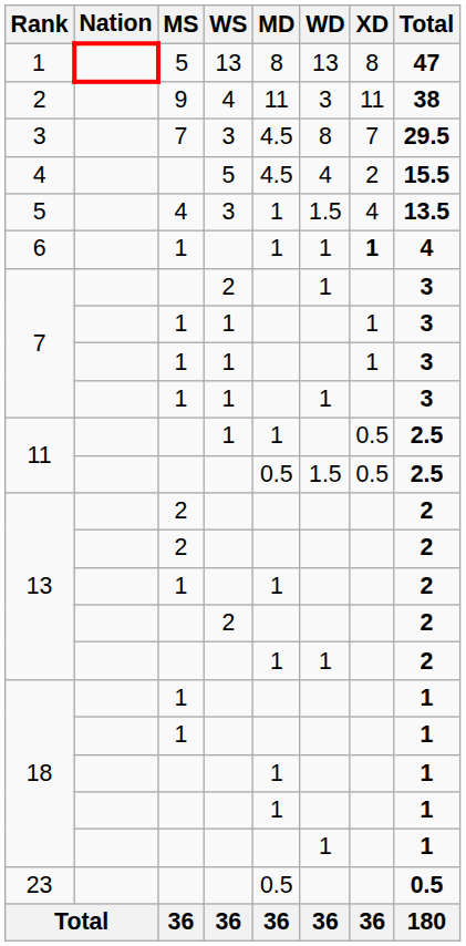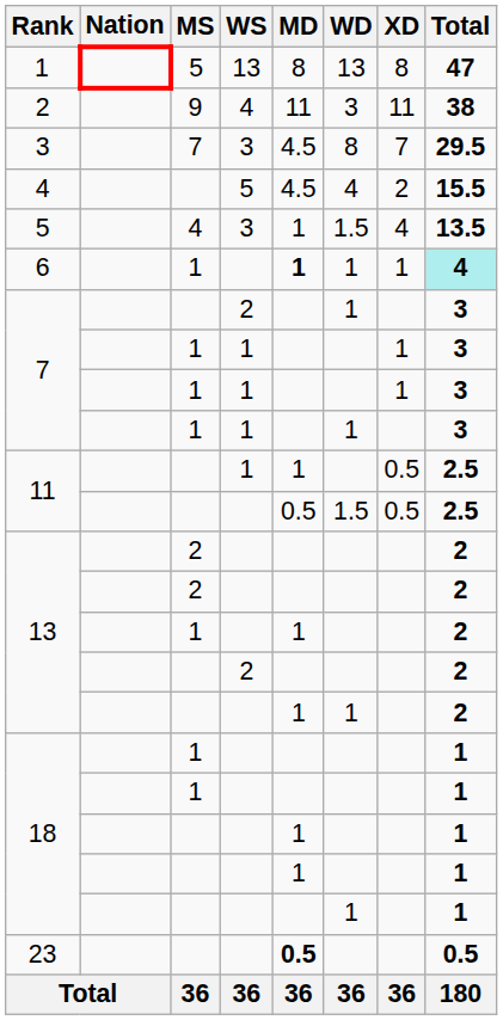 <table class="wikitable" style="text-align:center">
 <tr>
 <th>Rank</th>
 <th>Nation</th>
 <th>MS</th>
 <th>WS</th>
 <th>MD</th>
 <th>WD</th>
 <th>XD</th>
 <th>Total</th>
 </tr>
 <tr>
 <td>1</td>
 <td align="left" style="border: 3px solid red"><strong></strong></td>
 <td>5</td>
 <td>13</td>
 <td>8</td>
 <td>13</td>
 <td>8</td>
 <td><strong>47</strong></td>
 </tr>
 <tr>
 <td>2</td>
 <td align="left"></td>
 <td>9</td>
 <td>4</td>
 <td>11</td>
 <td>3</td>
 <td>11</td>
 <td><strong>38</strong></td>
 </tr>
 <tr>
 <td>3</td>
 <td align="left"></td>
 <td>7</td>
 <td>3</td>
 <td>4.5</td>
 <td>8</td>
 <td>7</td>
 <td><strong>29.5</strong></td>
 </tr>
 <tr>
 <td>4</td>
 <td align="left"></td>
 <td></td>
 <td>5</td>
 <td>4.5</td>
 <td>4</td>
 <td>2</td>
 <td><strong>15.5</strong></td>
 </tr>
 <tr>
 <td>5</td>
 <td align="left"></td>
 <td>4</td>
 <td>3</td>
 <td>1</td>
 <td>1.5</td>
 <td>4</td>
 <td><strong>13.5</strong></td>
 </tr>
 <tr>
 <td>6</td>
 <td align="left"></td>
 <td>1</td>
 <td></td>
+<td><strong>1</strong></td>
 <td>1</td>
 <td>1</td>
-<td><strong>1</strong></td>
-<td><strong>4</strong></td>
+<td style="background: paleturquoise;"><strong>4</strong></td>
 </tr>
 <tr>
 <td rowspan="4">7</td>
 <td align="left"></td>
 <td></td>
 <td>2</td>
 <td></td>
 <td>1</td>
 <td></td>
 <td><strong>3</strong></td>
 </tr>
 <tr>
 <td align="left"></td>
 <td>1</td>
 <td>1</td>
 <td></td>
 <td></td>
 <td>1</td>
 <td><strong>3</strong></td>
 </tr>
 <tr>
 <td align="left"></td>
 <td>1</td>
 <td>1</td>
 <td></td>
 <td></td>
 <td>1</td>
 <td><strong>3</strong></td>
 </tr>
 <tr>
 <td align="left"></td>
 <td>1</td>
 <td>1</td>
 <td></td>
 <td>1</td>
 <td></td>
 <td><strong>3</strong></td>
 </tr>
 <tr>
 <td rowspan="2">11</td>
 <td align="left"></td>
 <td></td>
 <td>1</td>
 <td>1</td>
 <td></td>
 <td>0.5</td>
 <td><strong>2.5</strong></td>
 </tr>
 <tr>
 <td align="left"></td>
 <td></td>
 <td></td>
 <td>0.5</td>
 <td>1.5</td>
 <td>0.5</td>
 <td><strong>2.5</strong></td>
 </tr>
 <tr>
 <td rowspan="5">13</td>
 <td align="left"></td>
 <td>2</td>
 <td></td>
 <td></td>
 <td></td>
 <td></td>
 <td><strong>2</strong></td>
 </tr>
 <tr>
 <td align="left"></td>
 <td>2</td>
 <td></td>
 <td></td>
 <td></td>
 <td></td>
 <td><strong>2</strong></td>
 </tr>
 <tr>
 <td align="left"></td>
 <td>1</td>
 <td></td>
 <td>1</td>
 <td></td>
 <td></td>
 <td><strong>2</strong></td>
 </tr>
 <tr>
 <td align="left"></td>
 <td></td>
 <td>2</td>
 <td></td>
 <td></td>
 <td></td>
 <td><strong>2</strong></td>
 </tr>
 <tr>
 <td align="left"></td>
 <td></td>
 <td></td>
 <td>1</td>
 <td>1</td>
 <td></td>
 <td><strong>2</strong></td>
 </tr>
 <tr>
 <td rowspan="5">18</td>
 <td align="left"></td>
 <td>1</td>
 <td></td>
 <td></td>
 <td></td>
 <td></td>
 <td><strong>1</strong></td>
 </tr>
 <tr>
 <td align="left"></td>
 <td>1</td>
 <td></td>
 <td></td>
 <td></td>
 <td></td>
 <td><strong>1</strong></td>
 </tr>
 <tr>
 <td align="left"></td>
 <td></td>
 <td></td>
 <td>1</td>
 <td></td>
 <td></td>
 <td><strong>1</strong></td>
 </tr>
 <tr>
 <td align="left"></td>
 <td></td>
 <td></td>
 <td>1</td>
 <td></td>
 <td></td>
 <td><strong>1</strong></td>
 </tr>
 <tr>
 <td align="left"></td>
 <td></td>
 <td></td>
 <td></td>
 <td>1</td>
 <td></td>
 <td><strong>1</strong></td>
 </tr>
 <tr>
 <td>23</td>
 <td align="left"></td>
 <td></td>
 <td></td>
-<td>0.5</td>
+<td><strong>0.5</strong></td>
 <td></td>
 <td></td>
 <td><strong>0.5</strong></td>
 </tr>
 <tr>
 <th colspan="2">Total</th>
 <th>36</th>
 <th>36</th>
 <th>36</th>
 <th>36</th>
 <th>36</th>
 <th>180</th>
 </tr>
 </table>
